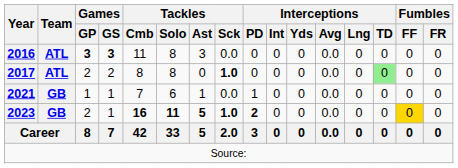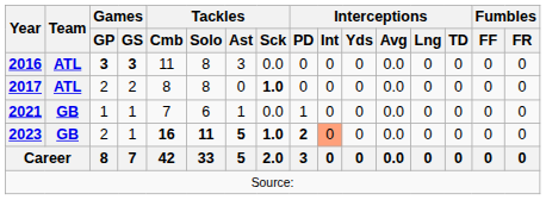 <table class="wikitable" style="text-align: center;">
 <tr>
 <th rowspan="2">Year</th>
 <th rowspan="2">Team</th>
 <th colspan="2">Games</th>
 <th colspan="4">Tackles</th>
 <th colspan="6">Interceptions</th>
 <th colspan="2">Fumbles</th>
 </tr>
 <tr>
 <th>GP</th>
 <th>GS</th>
 <th>Cmb</th>
 <th>Solo</th>
 <th>Ast</th>
 <th>Sck</th>
 <th>PD</th>
 <th>Int</th>
 <th>Yds</th>
 <th>Avg</th>
 <th>Lng</th>
 <th>TD</th>
 <th>FF</th>
 <th>FR</th>
 </tr>
 <tr>
 <th><a href='#'>2016</a></th>
 <th><a href='#'>ATL</a></th>
 <td><strong>3</strong></td>
 <td><strong>3</strong></td>
 <td>11</td>
 <td>8</td>
 <td>3</td>
 <td>0.0</td>
 <td>0</td>
 <td>0</td>
 <td>0</td>
 <td>0.0</td>
 <td>0</td>
 <td>0</td>
 <td>0</td>
 <td>0</td>
 </tr>
 <tr>
 <th><a href='#'>2017</a></th>
 <th><a href='#'>ATL</a></th>
 <td>2</td>
 <td>2</td>
 <td>8</td>
 <td>8</td>
 <td>0</td>
 <td><strong>1.0</strong></td>
 <td>0</td>
 <td>0</td>
 <td>0</td>
 <td>0.0</td>
 <td>0</td>
-<td style="background: lightgreen;">0</td>
+<td>0</td>
 <td>0</td>
 <td>0</td>
 </tr>
 <tr>
 <th><a href='#'>2021</a></th>
 <th><a href='#'>GB</a></th>
 <td>1</td>
 <td>1</td>
 <td>7</td>
 <td>6</td>
 <td>1</td>
 <td>0.0</td>
 <td>1</td>
 <td>0</td>
 <td>0</td>
 <td>0.0</td>
 <td>0</td>
 <td>0</td>
 <td>0</td>
 <td>0</td>
 </tr>
 <tr>
 <th><a href='#'>2023</a></th>
 <th><a href='#'>GB</a></th>
 <td>2</td>
 <td>1</td>
 <td><strong>16</strong></td>
 <td><strong>11</strong></td>
 <td><strong>5</strong></td>
 <td><strong>1.0</strong></td>
 <td><strong>2</strong></td>
-<td>0</td>
+<td style="background: lightsalmon;">0</td>
 <td>0</td>
 <td>0.0</td>
 <td>0</td>
 <td>0</td>
-<td style="background: gold;">0</td>
+<td>0</td>
 <td>0</td>
 </tr>
 <tr>
 <th colspan="2">Career</th>
 <th>8</th>
 <th>7</th>
 <th>42</th>
 <th>33</th>
 <th>5</th>
 <th>2.0</th>
 <th>3</th>
 <th>0</th>
 <th>0</th>
 <th>0.0</th>
 <th>0</th>
 <th>0</th>
 <th>0</th>
 <th>0</th>
 </tr>
 <tr>
 <td colspan="17"><small>Source: </small></td>
 </tr>
 </table>
